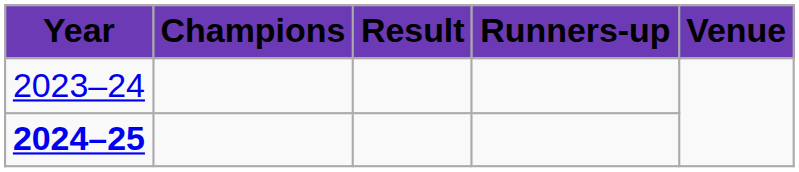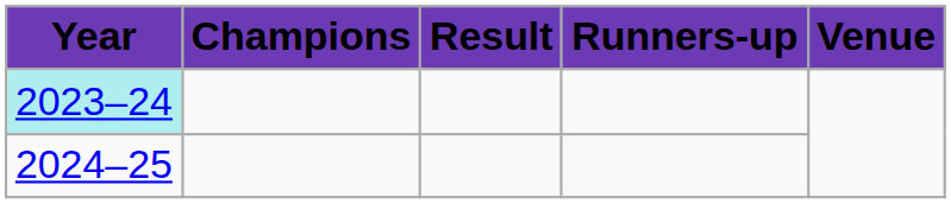 <table class="sortable wikitable">
 <tr>
 <th style="background-color:#6b3ab4;"><span>Year</span></th>
 <th style="background-color:#6b3ab4;"><span>Champions</span></th>
 <th style="background-color:#6b3ab4;"><span>Result</span></th>
 <th style="background-color:#6b3ab4;"><span>Runners-up</span></th>
 <th style="background-color:#6b3ab4;"><span>Venue</span></th>
 </tr>
 <tr>
-<td align=center><a href='#'>2023–24</a></td>
+<td align=center style="background: paleturquoise;"><a href='#'>2023–24</a></td>
 <td><strong></strong></td>
 <td align=center></td>
 <td></td>
 <td rowspan=2></td>
 </tr>
 <tr>
-<td align=center><strong><a href='#'>2024–25</a></strong></td>
+<td align=center><a href='#'>2024–25</a></td>
 <td><strong></strong></td>
 <td align=center></td>
 <td></td>
 </tr>
 </table>
